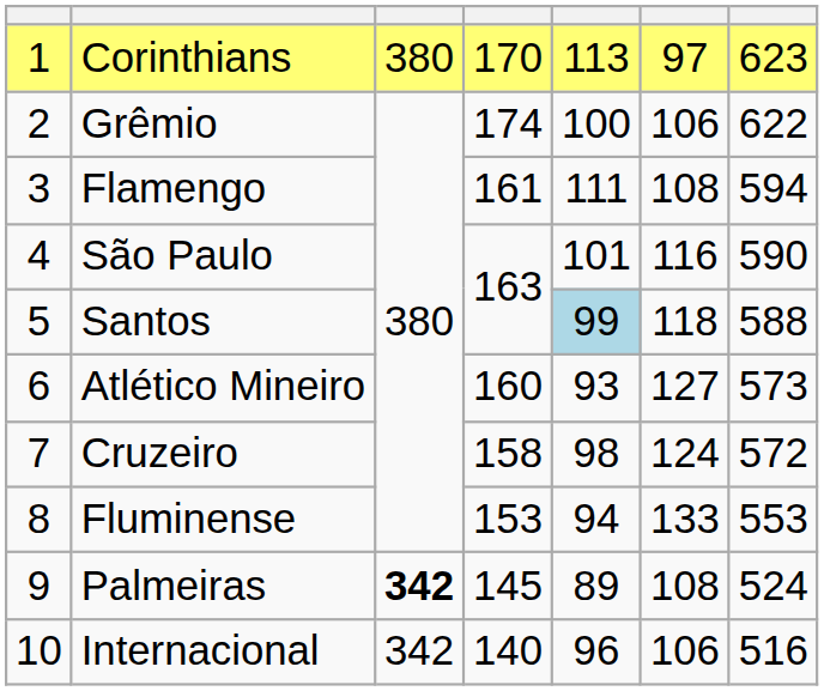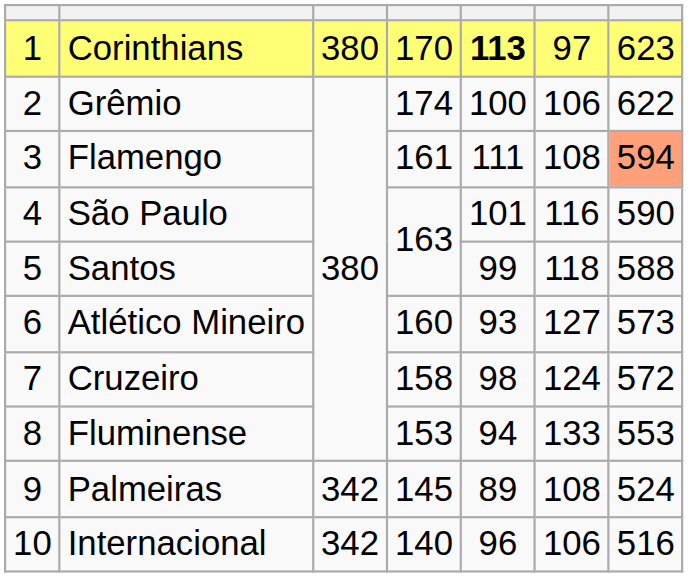 <table class="wikitable sortable mw-collapsible" style="text-align:center;">
 <tr>
 <th></th>
 <th></th>
 <th></th>
 <th></th>
 <th></th>
 <th></th>
 <th></th>
 </tr>
 <tr style="text-align:center; background:#FFFF75;">
 <td>1</td>
 <td align="left">Corinthians</td>
 <td>380</td>
 <td>170</td>
-<td>113</td>
+<td><strong>113</strong></td>
 <td>97</td>
 <td>623</td>
 </tr>
 <tr>
 <td>2</td>
 <td align="left">Grêmio</td>
 <td rowspan="7">380</td>
 <td>174</td>
 <td>100</td>
 <td>106</td>
 <td>622</td>
 </tr>
 <tr>
 <td>3</td>
 <td align="left">Flamengo</td>
 <td>161</td>
 <td>111</td>
 <td>108</td>
-<td>594</td>
+<td style="background: lightsalmon;">594</td>
 </tr>
 <tr>
 <td>4</td>
 <td align="left">São Paulo</td>
 <td rowspan="2">163</td>
 <td>101</td>
 <td>116</td>
 <td>590</td>
 </tr>
 <tr>
 <td>5</td>
 <td align="left">Santos</td>
-<td style="background: lightblue;">99</td>
+<td>99</td>
 <td>118</td>
 <td>588</td>
 </tr>
 <tr>
 <td>6</td>
 <td align="left">Atlético Mineiro</td>
 <td>160</td>
 <td>93</td>
 <td>127</td>
 <td>573</td>
 </tr>
 <tr>
 <td>7</td>
 <td align="left">Cruzeiro</td>
 <td>158</td>
 <td>98</td>
 <td>124</td>
 <td>572</td>
 </tr>
 <tr>
 <td>8</td>
 <td align="left">Fluminense</td>
 <td>153</td>
 <td>94</td>
 <td>133</td>
 <td>553</td>
 </tr>
 <tr>
 <td>9</td>
 <td align="left">Palmeiras</td>
-<td><strong>342</strong></td>
+<td>342</td>
 <td>145</td>
 <td>89</td>
 <td>108</td>
 <td>524</td>
 </tr>
 <tr>
 <td>10</td>
 <td align="left">Internacional</td>
 <td>342</td>
 <td>140</td>
 <td>96</td>
 <td>106</td>
 <td>516</td>
 </tr>
 </table>
